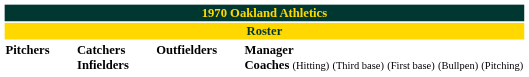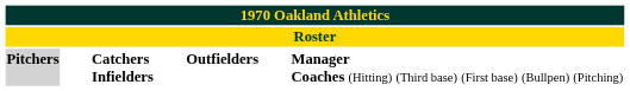 <table class="toccolours" style="font-size: 95%;">
 <tr>
 <th colspan="10" style="background-color: #003831; color: #FFD800; text-align: center;">1970 Oakland Athletics</th>
 </tr>
 <tr>
 <td colspan="10" style="background-color: #FFD800; color: #003831; text-align: center;"><strong>Roster</strong></td>
 </tr>
 <tr>
-<td valign="top"><strong>Pitchers</strong><br>               </td>
+<td valign="top" style="background: lightgrey;"><strong>Pitchers</strong><br>               </td>
 <td width="25px"></td>
 <td valign="top"><strong>Catchers</strong><br>    <strong>Infielders</strong>          </td>
 <td width="25px"></td>
 <td valign="top"><strong>Outfielders</strong><br>        </td>
 <td width="25px"></td>
 <td valign="top"><strong>Manager</strong><br> <strong>Coaches</strong>  <small>(Hitting)</small>  <small>(Third base)</small>  <small>(First base)</small>  <small>(Bullpen)</small>  <small>(Pitching)</small></td>
 </tr>
 </table>
